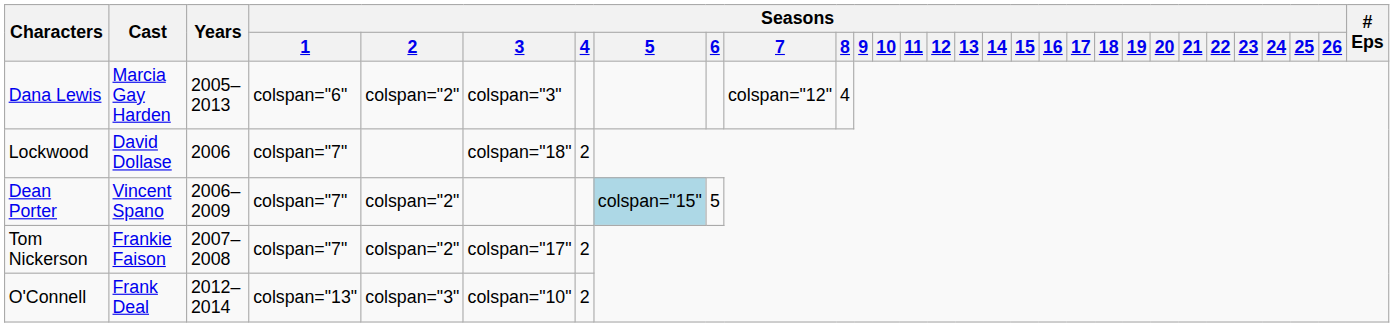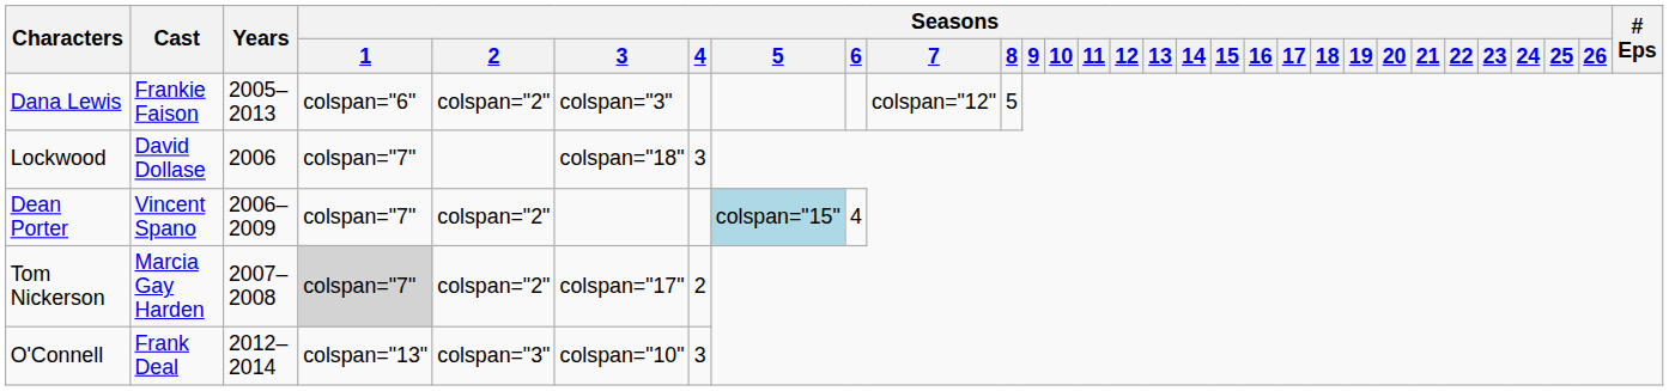 <table class="wikitable">
 <tr>
 <th rowspan="2">Characters</th>
 <th rowspan="2">Cast</th>
 <th rowspan="2">Years</th>
 <th colspan="26">Seasons</th>
 <th rowspan="2"># Eps</th>
 </tr>
 <tr>
 <th><a href='#'>1</a></th>
 <th><a href='#'>2</a></th>
 <th><a href='#'>3</a></th>
 <th><a href='#'>4</a></th>
 <th><a href='#'>5</a></th>
 <th><a href='#'>6</a></th>
 <th><a href='#'>7</a></th>
 <th><a href='#'>8</a></th>
 <th><a href='#'>9</a></th>
 <th><a href='#'>10</a></th>
 <th><a href='#'>11</a></th>
 <th><a href='#'>12</a></th>
 <th><a href='#'>13</a></th>
 <th><a href='#'>14</a></th>
 <th><a href='#'>15</a></th>
 <th><a href='#'>16</a></th>
 <th><a href='#'>17</a></th>
 <th><a href='#'>18</a></th>
 <th><a href='#'>19</a></th>
 <th><a href='#'>20</a></th>
 <th><a href='#'>21</a></th>
 <th><a href='#'>22</a></th>
 <th><a href='#'>23</a></th>
 <th><a href='#'>24</a></th>
 <th><a href='#'>25</a></th>
 <th><a href='#'>26</a></th>
 </tr>
 <tr>
 <td><a href='#'>Dana Lewis</a></td>
-<td><a href='#'>Marcia Gay Harden</a></td>
+<td><a href='#'>Frankie Faison</a></td>
 <td>2005–2013</td>
 <td>colspan="6" </td>
 <td>colspan="2" </td>
 <td>colspan="3" </td>
 <td></td>
 <td></td>
 <td></td>
 <td>colspan="12" </td>
-<td>4</td>
+<td>5</td>
 </tr>
 <tr>
 <td>Lockwood</td>
 <td><a href='#'>David Dollase</a></td>
 <td>2006</td>
 <td>colspan="7" </td>
 <td></td>
 <td>colspan="18" </td>
-<td>2</td>
+<td>3</td>
 </tr>
 <tr>
 <td><a href='#'>Dean Porter</a></td>
 <td><a href='#'>Vincent Spano</a></td>
 <td>2006–2009</td>
 <td>colspan="7" </td>
 <td>colspan="2" </td>
 <td></td>
 <td></td>
 <td style="background: lightblue;">colspan="15" </td>
-<td>5</td>
+<td>4</td>
 </tr>
 <tr>
 <td>Tom Nickerson</td>
-<td><a href='#'>Frankie Faison</a></td>
+<td><a href='#'>Marcia Gay Harden</a></td>
 <td>2007–2008</td>
-<td>colspan="7" </td>
+<td style="background: lightgrey;">colspan="7" </td>
 <td>colspan="2" </td>
 <td>colspan="17" </td>
 <td>2</td>
 </tr>
 <tr>
 <td>O'Connell</td>
 <td><a href='#'>Frank Deal</a></td>
 <td>2012–2014</td>
 <td>colspan="13" </td>
 <td>colspan="3" </td>
 <td>colspan="10" </td>
-<td>2</td>
+<td>3</td>
 </tr>
 </table>
